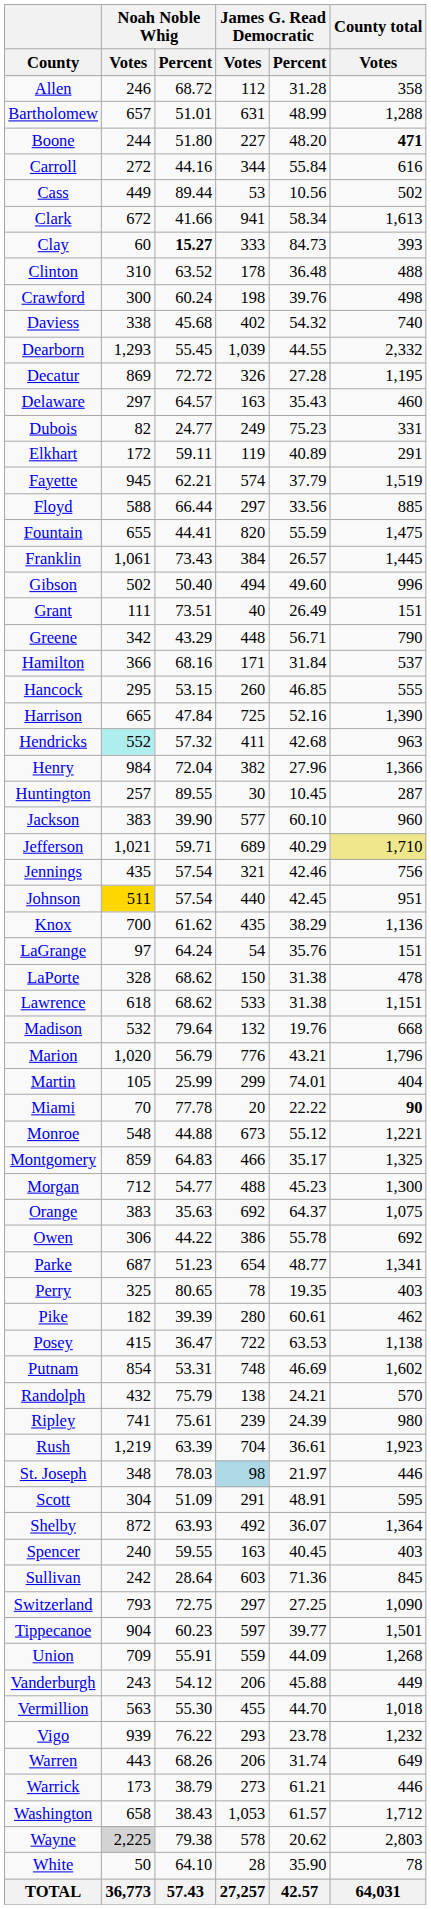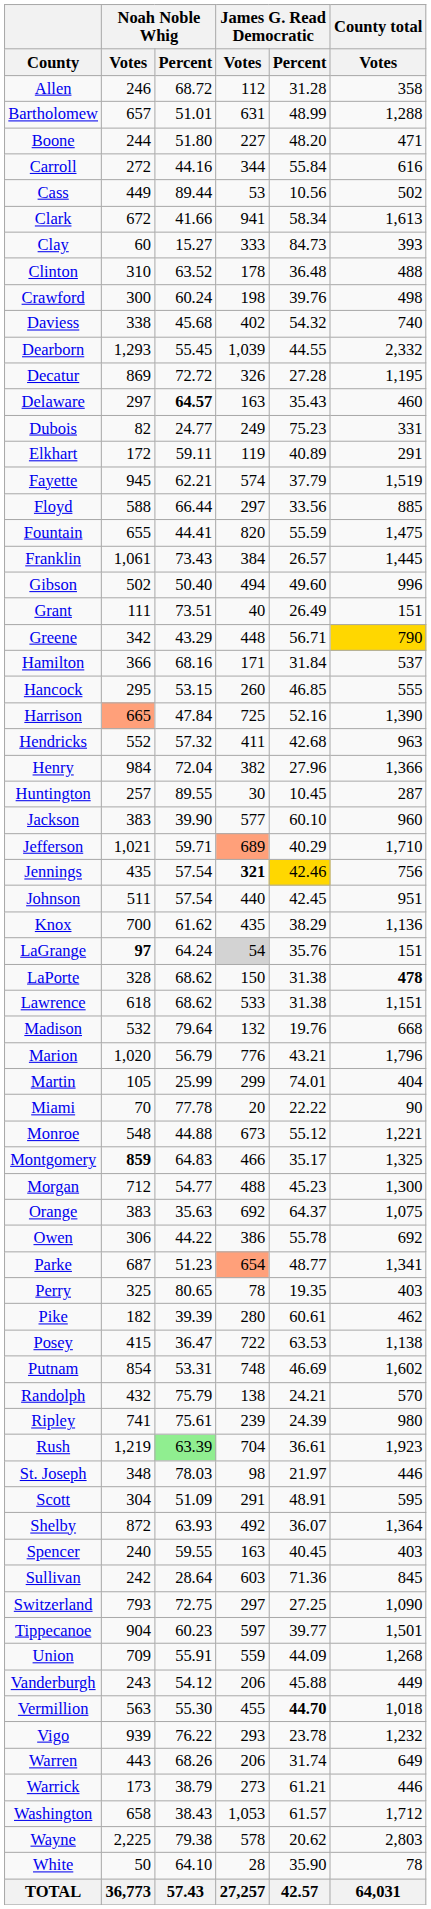 <table class="wikitable sortable" style="text-align:right">
 <tr>
 <th></th>
 <th align=center colspan=2>Noah Noble<br>Whig</th>
 <th align=center colspan=2>James G. Read<br>Democratic</th>
 <th align=center>County total</th>
 </tr>
 <tr>
 <th align=center>County</th>
 <th align=center>Votes</th>
 <th align=center>Percent</th>
 <th align=center>Votes</th>
 <th align=center>Percent</th>
 <th align=center>Votes</th>
 </tr>
 <tr>
 <td align=center><a href='#'>Allen</a></td>
 <td align=right>246</td>
 <td align=right>68.72</td>
 <td align=right>112</td>
 <td align=right>31.28</td>
 <td align=right>358</td>
 </tr>
 <tr>
 <td align=center><a href='#'>Bartholomew</a></td>
 <td align=right>657</td>
 <td align=right>51.01</td>
 <td align=right>631</td>
 <td align=right>48.99</td>
 <td align=right>1,288</td>
 </tr>
 <tr>
 <td align=center><a href='#'>Boone</a></td>
 <td align=right>244</td>
 <td align=right>51.80</td>
 <td align=right>227</td>
 <td align=right>48.20</td>
-<td align=right><strong>471</strong></td>
+<td align=right>471</td>
 </tr>
 <tr>
 <td align=center><a href='#'>Carroll</a></td>
 <td align=right>272</td>
 <td align=right>44.16</td>
 <td align=right>344</td>
 <td align=right>55.84</td>
 <td align=right>616</td>
 </tr>
 <tr>
 <td align=center><a href='#'>Cass</a></td>
 <td align=right>449</td>
 <td align=right>89.44</td>
 <td align=right>53</td>
 <td align=right>10.56</td>
 <td align=right>502</td>
 </tr>
 <tr>
 <td align=center><a href='#'>Clark</a></td>
 <td align=right>672</td>
 <td align=right>41.66</td>
 <td align=right>941</td>
 <td align=right>58.34</td>
 <td align=right>1,613</td>
 </tr>
 <tr>
 <td align=center><a href='#'>Clay</a></td>
 <td align=right>60</td>
-<td align=right><strong>15.27</strong></td>
+<td align=right>15.27</td>
 <td align=right>333</td>
 <td align=right>84.73</td>
 <td align=right>393</td>
 </tr>
 <tr>
 <td align=center><a href='#'>Clinton</a></td>
 <td align=right>310</td>
 <td align=right>63.52</td>
 <td align=right>178</td>
 <td align=right>36.48</td>
 <td align=right>488</td>
 </tr>
 <tr>
 <td align=center><a href='#'>Crawford</a></td>
 <td align=right>300</td>
 <td align=right>60.24</td>
 <td align=right>198</td>
 <td align=right>39.76</td>
 <td align=right>498</td>
 </tr>
 <tr>
 <td align=center><a href='#'>Daviess</a></td>
 <td align=right>338</td>
 <td align=right>45.68</td>
 <td align=right>402</td>
 <td align=right>54.32</td>
 <td align=right>740</td>
 </tr>
 <tr>
 <td align=center><a href='#'>Dearborn</a></td>
 <td align=right>1,293</td>
 <td align=right>55.45</td>
 <td align=right>1,039</td>
 <td align=right>44.55</td>
 <td align=right>2,332</td>
 </tr>
 <tr>
 <td align=center><a href='#'>Decatur</a></td>
 <td align=right>869</td>
 <td align=right>72.72</td>
 <td align=right>326</td>
 <td align=right>27.28</td>
 <td align=right>1,195</td>
 </tr>
 <tr>
 <td align=center><a href='#'>Delaware</a></td>
 <td align=right>297</td>
-<td align=right>64.57</td>
+<td align=right><strong>64.57</strong></td>
 <td align=right>163</td>
 <td align=right>35.43</td>
 <td align=right>460</td>
 </tr>
 <tr>
 <td align=center><a href='#'>Dubois</a></td>
 <td align=right>82</td>
 <td align=right>24.77</td>
 <td align=right>249</td>
 <td align=right>75.23</td>
 <td align=right>331</td>
 </tr>
 <tr>
 <td align=center><a href='#'>Elkhart</a></td>
 <td align=right>172</td>
 <td align=right>59.11</td>
 <td align=right>119</td>
 <td align=right>40.89</td>
 <td align=right>291</td>
 </tr>
 <tr>
 <td align=center><a href='#'>Fayette</a></td>
 <td align=right>945</td>
 <td align=right>62.21</td>
 <td align=right>574</td>
 <td align=right>37.79</td>
 <td align=right>1,519</td>
 </tr>
 <tr>
 <td align=center><a href='#'>Floyd</a></td>
 <td align=right>588</td>
 <td align=right>66.44</td>
 <td align=right>297</td>
 <td align=right>33.56</td>
 <td align=right>885</td>
 </tr>
 <tr>
 <td align=center><a href='#'>Fountain</a></td>
 <td align=right>655</td>
 <td align=right>44.41</td>
 <td align=right>820</td>
 <td align=right>55.59</td>
 <td align=right>1,475</td>
 </tr>
 <tr>
 <td align=center><a href='#'>Franklin</a></td>
 <td align=right>1,061</td>
 <td align=right>73.43</td>
 <td align=right>384</td>
 <td align=right>26.57</td>
 <td align=right>1,445</td>
 </tr>
 <tr>
 <td align=center><a href='#'>Gibson</a></td>
 <td align=right>502</td>
 <td align=right>50.40</td>
 <td align=right>494</td>
 <td align=right>49.60</td>
 <td align=right>996</td>
 </tr>
 <tr>
 <td align=center><a href='#'>Grant</a></td>
 <td align=right>111</td>
 <td align=right>73.51</td>
 <td align=right>40</td>
 <td align=right>26.49</td>
 <td align=right>151</td>
 </tr>
 <tr>
 <td align=center><a href='#'>Greene</a></td>
 <td align=right>342</td>
 <td align=right>43.29</td>
 <td align=right>448</td>
 <td align=right>56.71</td>
-<td align=right>790</td>
+<td align=right style="background: gold;">790</td>
 </tr>
 <tr>
 <td align=center><a href='#'>Hamilton</a></td>
 <td align=right>366</td>
 <td align=right>68.16</td>
 <td align=right>171</td>
 <td align=right>31.84</td>
 <td align=right>537</td>
 </tr>
 <tr>
 <td align=center><a href='#'>Hancock</a></td>
 <td align=right>295</td>
 <td align=right>53.15</td>
 <td align=right>260</td>
 <td align=right>46.85</td>
 <td align=right>555</td>
 </tr>
 <tr>
 <td align=center><a href='#'>Harrison</a></td>
-<td align=right>665</td>
+<td align=right style="background: lightsalmon;">665</td>
 <td align=right>47.84</td>
 <td align=right>725</td>
 <td align=right>52.16</td>
 <td align=right>1,390</td>
 </tr>
 <tr>
 <td align=center><a href='#'>Hendricks</a></td>
-<td align=right style="background: paleturquoise;">552</td>
+<td align=right>552</td>
 <td align=right>57.32</td>
 <td align=right>411</td>
 <td align=right>42.68</td>
 <td align=right>963</td>
 </tr>
 <tr>
 <td align=center><a href='#'>Henry</a></td>
 <td align=right>984</td>
 <td align=right>72.04</td>
 <td align=right>382</td>
 <td align=right>27.96</td>
 <td align=right>1,366</td>
 </tr>
 <tr>
 <td align=center><a href='#'>Huntington</a></td>
 <td align=right>257</td>
 <td align=right>89.55</td>
 <td align=right>30</td>
 <td align=right>10.45</td>
 <td align=right>287</td>
 </tr>
 <tr>
 <td align=center><a href='#'>Jackson</a></td>
 <td align=right>383</td>
 <td align=right>39.90</td>
 <td align=right>577</td>
 <td align=right>60.10</td>
 <td align=right>960</td>
 </tr>
 <tr>
 <td align=center><a href='#'>Jefferson</a></td>
 <td align=right>1,021</td>
 <td align=right>59.71</td>
-<td align=right>689</td>
+<td align=right style="background: lightsalmon;">689</td>
 <td align=right>40.29</td>
-<td align=right style="background: khaki;">1,710</td>
+<td align=right>1,710</td>
 </tr>
 <tr>
 <td align=center><a href='#'>Jennings</a></td>
 <td align=right>435</td>
 <td align=right>57.54</td>
-<td align=right>321</td>
-<td align=right>42.46</td>
+<td align=right><strong>321</strong></td>
+<td align=right style="background: gold;">42.46</td>
 <td align=right>756</td>
 </tr>
 <tr>
 <td align=center><a href='#'>Johnson</a></td>
-<td align=right style="background: gold;">511</td>
+<td align=right>511</td>
 <td align=right>57.54</td>
 <td align=right>440</td>
 <td align=right>42.45</td>
 <td align=right>951</td>
 </tr>
 <tr>
 <td align=center><a href='#'>Knox</a></td>
 <td align=right>700</td>
 <td align=right>61.62</td>
 <td align=right>435</td>
 <td align=right>38.29</td>
 <td align=right>1,136</td>
 </tr>
 <tr>
 <td align=center><a href='#'>LaGrange</a></td>
-<td align=right>97</td>
+<td align=right><strong>97</strong></td>
 <td align=right>64.24</td>
-<td align=right>54</td>
+<td align=right style="background: lightgrey;">54</td>
 <td align=right>35.76</td>
 <td align=right>151</td>
 </tr>
 <tr>
 <td align=center><a href='#'>LaPorte</a></td>
 <td align=right>328</td>
 <td align=right>68.62</td>
 <td align=right>150</td>
 <td align=right>31.38</td>
-<td align=right>478</td>
+<td align=right><strong>478</strong></td>
 </tr>
 <tr>
 <td align=center><a href='#'>Lawrence</a></td>
 <td align=right>618</td>
 <td align=right>68.62</td>
 <td align=right>533</td>
 <td align=right>31.38</td>
 <td align=right>1,151</td>
 </tr>
 <tr>
 <td align=center><a href='#'>Madison</a></td>
 <td align=right>532</td>
 <td align=right>79.64</td>
 <td align=right>132</td>
 <td align=right>19.76</td>
 <td align=right>668</td>
 </tr>
 <tr>
 <td align=center><a href='#'>Marion</a></td>
 <td align=right>1,020</td>
 <td align=right>56.79</td>
 <td align=right>776</td>
 <td align=right>43.21</td>
 <td align=right>1,796</td>
 </tr>
 <tr>
 <td align=center><a href='#'>Martin</a></td>
 <td align=right>105</td>
 <td align=right>25.99</td>
 <td align=right>299</td>
 <td align=right>74.01</td>
 <td align=right>404</td>
 </tr>
 <tr>
 <td align=center><a href='#'>Miami</a></td>
 <td align=right>70</td>
 <td align=right>77.78</td>
 <td align=right>20</td>
 <td align=right>22.22</td>
-<td align=right><strong>90</strong></td>
+<td align=right>90</td>
 </tr>
 <tr>
 <td align=center><a href='#'>Monroe</a></td>
 <td align=right>548</td>
 <td align=right>44.88</td>
 <td align=right>673</td>
 <td align=right>55.12</td>
 <td align=right>1,221</td>
 </tr>
 <tr>
 <td align=center><a href='#'>Montgomery</a></td>
-<td align=right>859</td>
+<td align=right><strong>859</strong></td>
 <td align=right>64.83</td>
 <td align=right>466</td>
 <td align=right>35.17</td>
 <td align=right>1,325</td>
 </tr>
 <tr>
 <td align=center><a href='#'>Morgan</a></td>
 <td align=right>712</td>
 <td align=right>54.77</td>
 <td align=right>488</td>
 <td align=right>45.23</td>
 <td align=right>1,300</td>
 </tr>
 <tr>
 <td align=center><a href='#'>Orange</a></td>
 <td align=right>383</td>
 <td align=right>35.63</td>
 <td align=right>692</td>
 <td align=right>64.37</td>
 <td align=right>1,075</td>
 </tr>
 <tr>
 <td align=center><a href='#'>Owen</a></td>
 <td align=right>306</td>
 <td align=right>44.22</td>
 <td align=right>386</td>
 <td align=right>55.78</td>
 <td align=right>692</td>
 </tr>
 <tr>
 <td align=center><a href='#'>Parke</a></td>
 <td align=right>687</td>
 <td align=right>51.23</td>
-<td align=right>654</td>
+<td align=right style="background: lightsalmon;">654</td>
 <td align=right>48.77</td>
 <td align=right>1,341</td>
 </tr>
 <tr>
 <td align=center><a href='#'>Perry</a></td>
 <td align=right>325</td>
 <td align=right>80.65</td>
 <td align=right>78</td>
 <td align=right>19.35</td>
 <td align=right>403</td>
 </tr>
 <tr>
 <td align=center><a href='#'>Pike</a></td>
 <td align=right>182</td>
 <td align=right>39.39</td>
 <td align=right>280</td>
 <td align=right>60.61</td>
 <td align=right>462</td>
 </tr>
 <tr>
 <td align=center><a href='#'>Posey</a></td>
 <td align=right>415</td>
 <td align=right>36.47</td>
 <td align=right>722</td>
 <td align=right>63.53</td>
 <td align=right>1,138</td>
 </tr>
 <tr>
 <td align=center><a href='#'>Putnam</a></td>
 <td align=right>854</td>
 <td align=right>53.31</td>
 <td align=right>748</td>
 <td align=right>46.69</td>
 <td align=right>1,602</td>
 </tr>
 <tr>
 <td align=center><a href='#'>Randolph</a></td>
 <td align=right>432</td>
 <td align=right>75.79</td>
 <td align=right>138</td>
 <td align=right>24.21</td>
 <td align=right>570</td>
 </tr>
 <tr>
 <td align=center><a href='#'>Ripley</a></td>
 <td align=right>741</td>
 <td align=right>75.61</td>
 <td align=right>239</td>
 <td align=right>24.39</td>
 <td align=right>980</td>
 </tr>
 <tr>
 <td align=center><a href='#'>Rush</a></td>
 <td align=right>1,219</td>
-<td align=right>63.39</td>
+<td align=right style="background: lightgreen;">63.39</td>
 <td align=right>704</td>
 <td align=right>36.61</td>
 <td align=right>1,923</td>
 </tr>
 <tr>
 <td align=center><a href='#'>St. Joseph</a></td>
 <td align=right>348</td>
 <td align=right>78.03</td>
-<td align=right style="background: lightblue;">98</td>
+<td align=right>98</td>
 <td align=right>21.97</td>
 <td align=right>446</td>
 </tr>
 <tr>
 <td align=center><a href='#'>Scott</a></td>
 <td align=right>304</td>
 <td align=right>51.09</td>
 <td align=right>291</td>
 <td align=right>48.91</td>
 <td align=right>595</td>
 </tr>
 <tr>
 <td align=center><a href='#'>Shelby</a></td>
 <td align=right>872</td>
 <td align=right>63.93</td>
 <td align=right>492</td>
 <td align=right>36.07</td>
 <td align=right>1,364</td>
 </tr>
 <tr>
 <td align=center><a href='#'>Spencer</a></td>
 <td align=right>240</td>
 <td align=right>59.55</td>
 <td align=right>163</td>
 <td align=right>40.45</td>
 <td align=right>403</td>
 </tr>
 <tr>
 <td align=center><a href='#'>Sullivan</a></td>
 <td align=right>242</td>
 <td align=right>28.64</td>
 <td align=right>603</td>
 <td align=right>71.36</td>
 <td align=right>845</td>
 </tr>
 <tr>
 <td align=center><a href='#'>Switzerland</a></td>
 <td align=right>793</td>
 <td align=right>72.75</td>
 <td align=right>297</td>
 <td align=right>27.25</td>
 <td align=right>1,090</td>
 </tr>
 <tr>
 <td align=center><a href='#'>Tippecanoe</a></td>
 <td align=right>904</td>
 <td align=right>60.23</td>
 <td align=right>597</td>
 <td align=right>39.77</td>
 <td align=right>1,501</td>
 </tr>
 <tr>
 <td align=center><a href='#'>Union</a></td>
 <td align=right>709</td>
 <td align=right>55.91</td>
 <td align=right>559</td>
 <td align=right>44.09</td>
 <td align=right>1,268</td>
 </tr>
 <tr>
 <td align=center><a href='#'>Vanderburgh</a></td>
 <td align=right>243</td>
 <td align=right>54.12</td>
 <td align=right>206</td>
 <td align=right>45.88</td>
 <td align=right>449</td>
 </tr>
 <tr>
 <td align=center><a href='#'>Vermillion</a></td>
 <td align=right>563</td>
 <td align=right>55.30</td>
 <td align=right>455</td>
-<td align=right>44.70</td>
+<td align=right><strong>44.70</strong></td>
 <td align=right>1,018</td>
 </tr>
 <tr>
 <td align=center><a href='#'>Vigo</a></td>
 <td align=right>939</td>
 <td align=right>76.22</td>
 <td align=right>293</td>
 <td align=right>23.78</td>
 <td align=right>1,232</td>
 </tr>
 <tr>
 <td align=center><a href='#'>Warren</a></td>
 <td align=right>443</td>
 <td align=right>68.26</td>
 <td align=right>206</td>
 <td align=right>31.74</td>
 <td align=right>649</td>
 </tr>
 <tr>
 <td align=center><a href='#'>Warrick</a></td>
 <td align=right>173</td>
 <td align=right>38.79</td>
 <td align=right>273</td>
 <td align=right>61.21</td>
 <td align=right>446</td>
 </tr>
 <tr>
 <td align=center><a href='#'>Washington</a></td>
 <td align=right>658</td>
 <td align=right>38.43</td>
 <td align=right>1,053</td>
 <td align=right>61.57</td>
 <td align=right>1,712</td>
 </tr>
 <tr>
 <td align=center><a href='#'>Wayne</a></td>
-<td align=right style="background: lightgrey;">2,225</td>
+<td align=right>2,225</td>
 <td align=right>79.38</td>
 <td align=right>578</td>
 <td align=right>20.62</td>
 <td align=right>2,803</td>
 </tr>
 <tr>
 <td align=center><a href='#'>White</a></td>
 <td align=right>50</td>
 <td align=right>64.10</td>
 <td align=right>28</td>
 <td align=right>35.90</td>
 <td align=right>78</td>
 </tr>
 <tr>
 <th>TOTAL</th>
 <th>36,773</th>
 <th>57.43</th>
 <th>27,257</th>
 <th>42.57</th>
 <th>64,031</th>
 </tr>
 </table>
